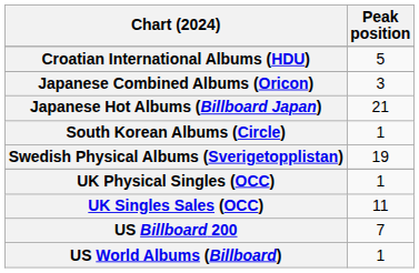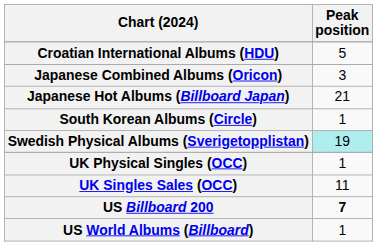 <table class="wikitable sortable plainrowheaders" style="text-align:center">
 <tr>
 <th scope="col">Chart (2024)</th>
 <th scope="col">Peak<br>position</th>
 </tr>
 <tr>
 </tr>
 <tr>
 </tr>
 <tr>
 <th scope="row">Croatian International Albums (<a href='#'>HDU</a>)</th>
 <td>5</td>
 </tr>
 <tr>
 </tr>
 <tr>
 </tr>
 <tr>
 <th scope="row">Japanese Combined Albums (<a href='#'>Oricon</a>)</th>
 <td>3</td>
 </tr>
 <tr>
 <th scope="row">Japanese Hot Albums (<em><a href='#'>Billboard Japan</a></em>)</th>
 <td>21</td>
 </tr>
 <tr>
 <th scope="row">South Korean Albums (<a href='#'>Circle</a>)</th>
 <td>1</td>
 </tr>
 <tr>
 <th scope="row">Swedish Physical Albums (<a href='#'>Sverigetopplistan</a>)</th>
-<td>19</td>
+<td style="background: paleturquoise;">19</td>
 </tr>
 <tr>
 </tr>
 <tr>
 </tr>
 <tr>
 <th scope="row">UK Physical Singles (<a href='#'>OCC</a>)</th>
 <td>1</td>
 </tr>
 <tr>
 <th scope="row"><a href='#'>UK Singles Sales</a> (<a href='#'>OCC</a>)</th>
 <td>11</td>
 </tr>
 <tr>
 <th scope="row">US <a href='#'><em>Billboard</em> 200</a></th>
-<td>7</td>
+<td><strong>7</strong></td>
 </tr>
 <tr>
 <th scope="row">US <a href='#'>World Albums</a> (<em><a href='#'>Billboard</a></em>)</th>
 <td>1</td>
 </tr>
 </table>
